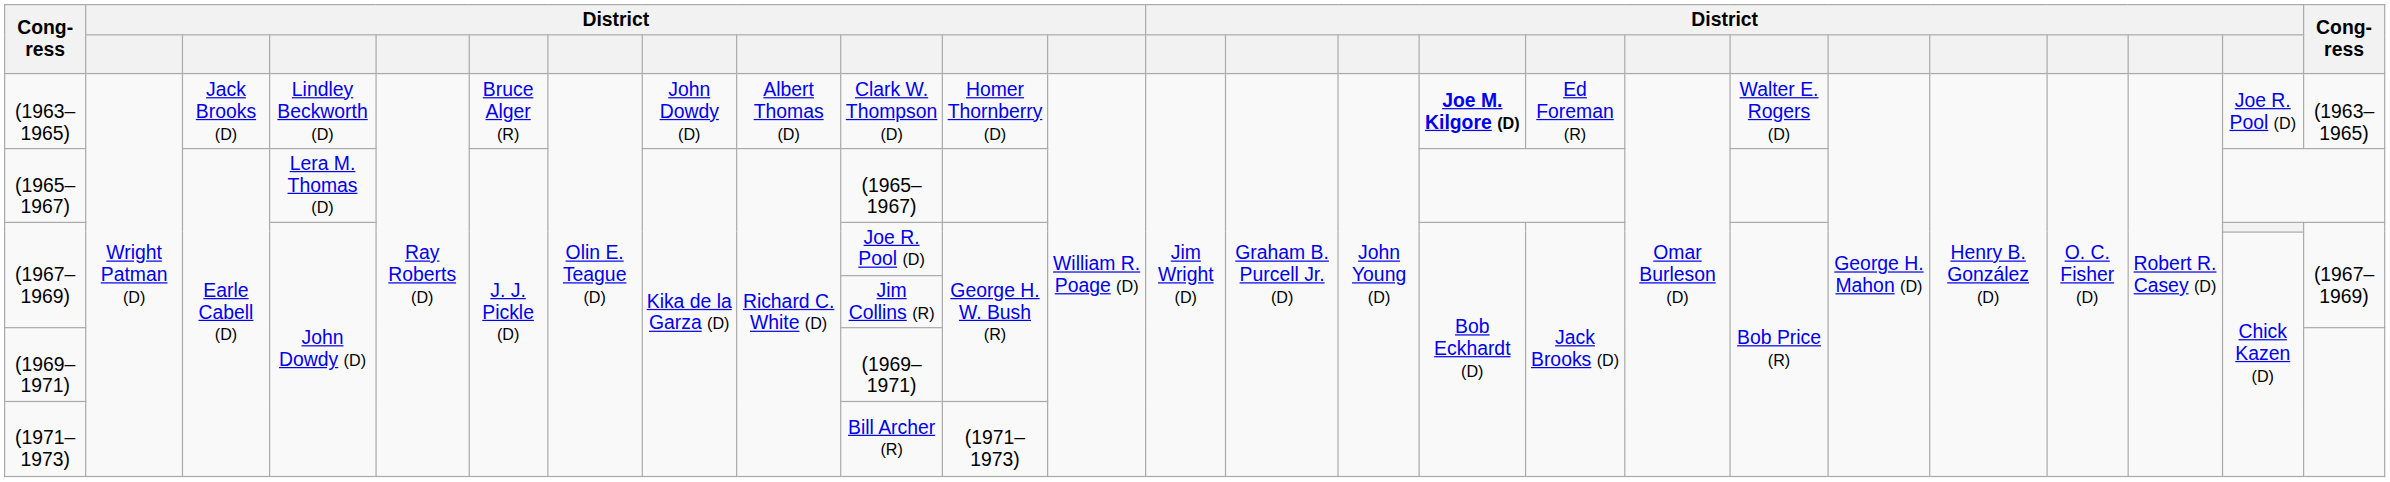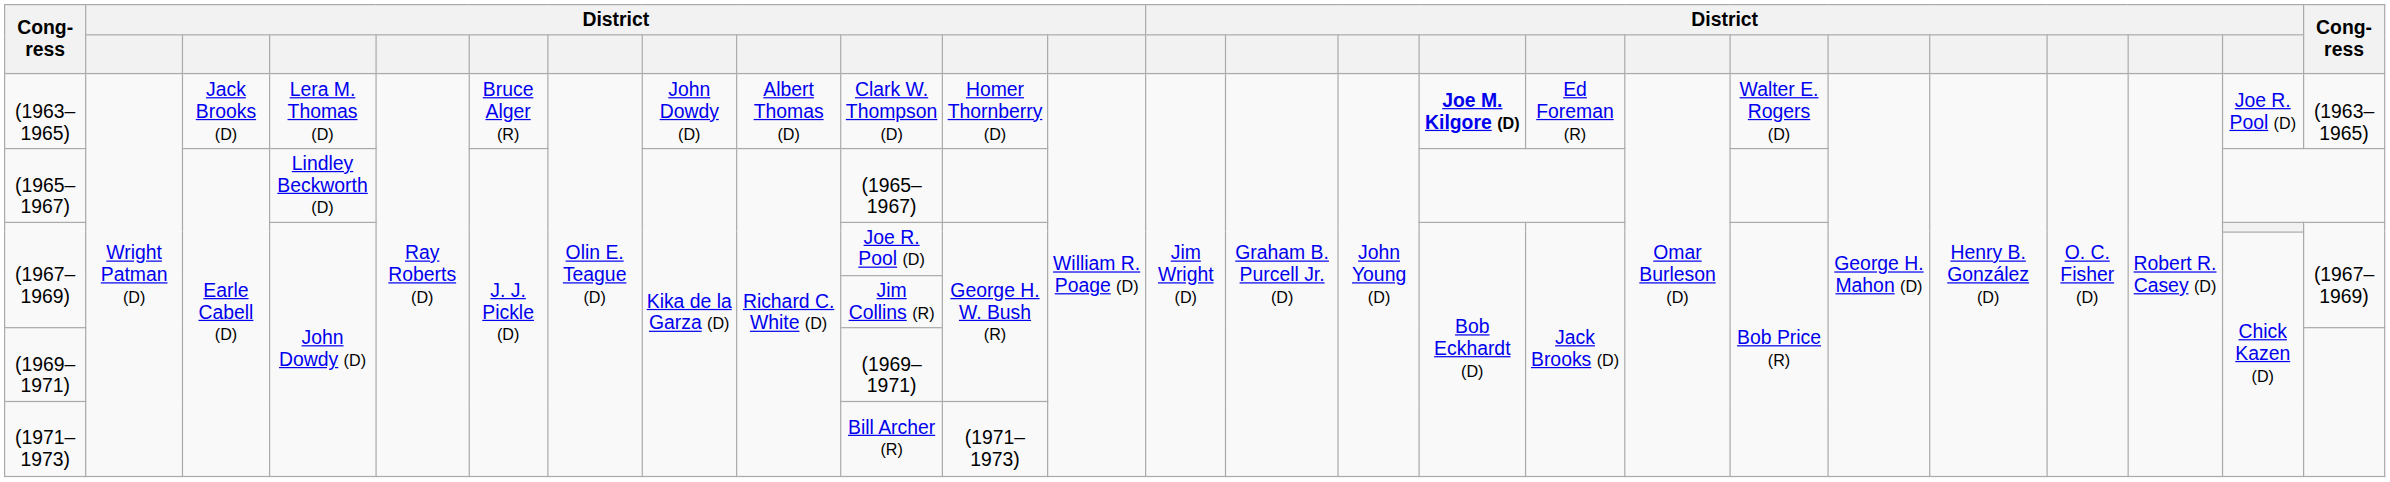 <table class=wikitable style="text-align:center">
 <tr>
 <th rowspan=2>Cong­ress</th>
 <th colspan=11>District</th>
 <th colspan=12>District</th>
 <th rowspan=2>Cong­ress</th>
 </tr>
 <tr style="height:2em">
 <th></th>
 <th></th>
 <th></th>
 <th></th>
 <th></th>
 <th></th>
 <th></th>
 <th></th>
 <th></th>
 <th></th>
 <th></th>
 <th></th>
 <th></th>
 <th></th>
 <th></th>
 <th></th>
 <th></th>
 <th></th>
 <th></th>
 <th></th>
 <th></th>
 <th></th>
 <th></th>
 </tr>
 <tr style="height:2em">
 <td><strong></strong><br>(1963–1965)</td>
 <td rowspan="7" ><a href='#'>Wright Patman</a> <small>(D)</small></td>
 <td><a href='#'>Jack Brooks</a> <small>(D)</small></td>
-<td><a href='#'>Lindley Beck­worth</a> <small>(D)</small></td>
+<td><a href='#'>Lera M. Thomas</a> <small>(D)</small></td>
 <td rowspan="7" ><a href='#'>Ray Roberts</a> <small>(D)</small></td>
 <td><a href='#'>Bruce Alger</a> <small>(R)</small></td>
 <td rowspan="7" ><a href='#'>Olin E. Teague</a> <small>(D)</small></td>
 <td><a href='#'>John Dowdy</a> <small>(D)</small></td>
 <td><a href='#'>Albert Thomas</a> <small>(D)</small></td>
 <td><a href='#'>Clark W. Thom­pson</a> <small>(D)</small></td>
 <td><a href='#'>Homer Thorn­berry</a> <small>(D)</small></td>
 <td rowspan="7" ><a href='#'>William R. Poage</a> <small>(D)</small></td>
 <td rowspan="7" ><a href='#'>Jim Wright</a> <small>(D)</small></td>
 <td rowspan="7" ><a href='#'>Graham B. Purcell Jr.</a> <small>(D)</small></td>
 <td rowspan="7" ><a href='#'>John Young</a> <small>(D)</small></td>
 <td><strong><a href='#'>Joe M. Kilgore</a> <small>(D)</small></strong></td>
 <td><a href='#'>Ed Foreman</a> <small>(R)</small></td>
 <td rowspan="7" ><a href='#'>Omar Burleson</a> <small>(D)</small></td>
 <td><a href='#'>Walter E. Rogers</a> <small>(D)</small></td>
 <td rowspan="7" ><a href='#'>George H. Mahon</a> <small>(D)</small></td>
 <td rowspan="7" ><a href='#'>Henry B. González</a> <small>(D)</small></td>
 <td rowspan="7" ><a href='#'>O. C. Fisher</a> <small>(D)</small></td>
 <td rowspan="7" ><a href='#'>Robert R. Casey</a> <small>(D)</small></td>
 <td><a href='#'>Joe R. Pool</a> <small>(D)</small></td>
 <td><strong></strong><br>(1963–1965)</td>
 </tr>
 <tr style="height:2em">
 <td><strong></strong><br>(1965–1967)</td>
 <td rowspan="6" ><a href='#'>Earle Cabell</a> <small>(D)</small></td>
-<td><a href='#'>Lera M. Thomas</a> <small>(D)</small></td>
+<td><a href='#'>Lindley Beck­worth</a> <small>(D)</small></td>
 <td rowspan="6" ><a href='#'>J. J. Pickle</a> <small>(D)</small></td>
 <td rowspan="6" ><a href='#'>Kika de la Garza</a> <small>(D)</small></td>
 <td rowspan="6" ><a href='#'>Richard C. White</a> <small>(D)</small></td>
 <td><strong></strong><br>(1965–1967)</td>
 </tr>
 <tr>
 <td rowspan="3"><strong></strong><br>(1967–1969)</td>
 <td rowspan="5" ><a href='#'>John Dowdy</a> <small>(D)</small></td>
 <td rowspan="2" ><a href='#'>Joe R. Pool</a> <small>(D)</small></td>
 <td rowspan="4" ><a href='#'>George H. W. Bush</a> <small>(R)</small></td>
 <td rowspan="5" ><a href='#'>Bob Eckhardt</a> <small>(D)</small></td>
 <td rowspan="5" ><a href='#'>Jack Brooks</a> <small>(D)</small></td>
 <td rowspan="5" ><a href='#'>Bob Price</a> <small>(R)</small></td>
 <th></th>
 <td rowspan="3"><strong></strong><br>(1967–1969)</td>
 </tr>
 <tr style="height:2em">
 <td rowspan="4" ><a href='#'>Chick Kazen</a><br><small>(D)</small></td>
 </tr>
 <tr style="height:2em">
 <td><a href='#'>Jim Collins</a> <small>(R)</small></td>
 </tr>
 <tr style="height:2em">
 <td><strong></strong><br>(1969–1971)</td>
 <td><strong></strong><br>(1969–1971)</td>
 </tr>
 <tr style="height:2em">
 <td><strong></strong><br>(1971–1973)</td>
 <td><a href='#'>Bill Archer</a> <small>(R)</small></td>
 <td><strong></strong><br>(1971–1973)</td>
 </tr>
 </table>
